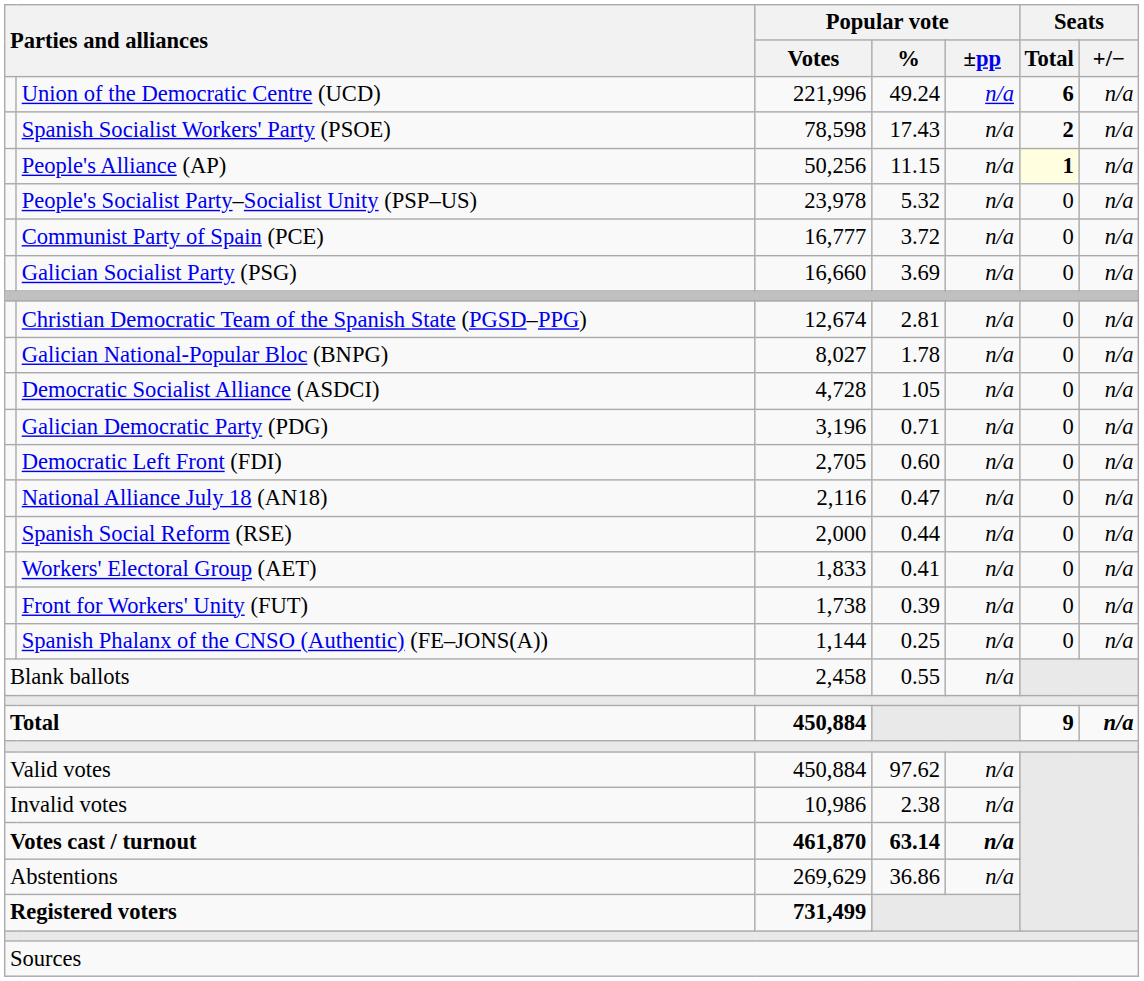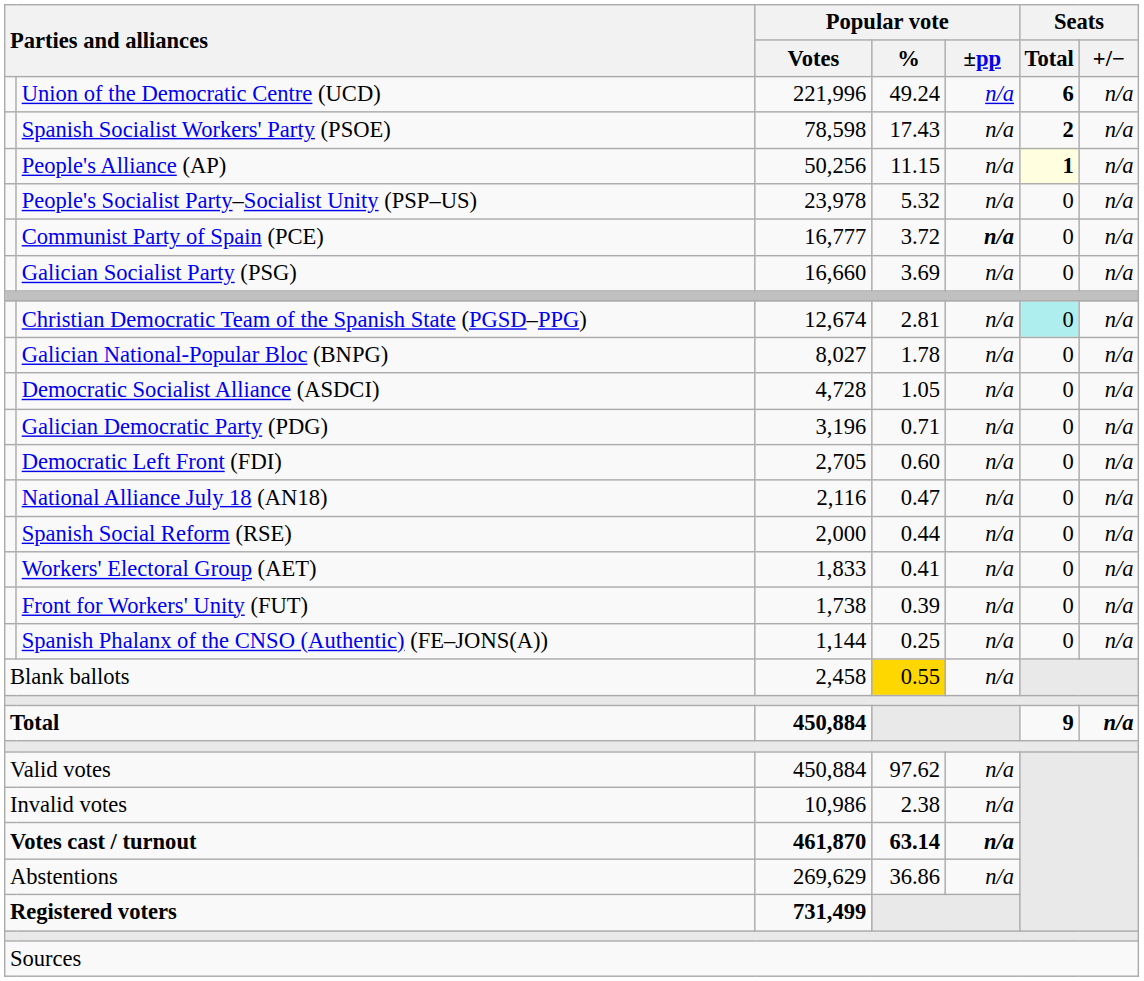 <table class="wikitable" style="text-align:right;">
 <tr>
 <th style="text-align:left;" rowspan="2" colspan="2" width="525">Parties and alliances</th>
 <th colspan="3">Popular vote</th>
 <th colspan="2">Seats</th>
 </tr>
 <tr>
 <th width="75">Votes</th>
 <th width="45">%</th>
 <th width="45">±<a href='#'>pp</a></th>
 <th width="35">Total</th>
 <th width="35">+/−</th>
 </tr>
 <tr>
 <td width="1" style="color:inherit;background:"></td>
 <td align="left"><a href='#'>Union of the Democratic Centre</a> (UCD)</td>
 <td>221,996</td>
 <td>49.24</td>
 <td><em><a href='#'>n/a</a></em></td>
 <td><strong>6</strong></td>
 <td><em>n/a</em></td>
 </tr>
 <tr>
 <td style="color:inherit;background:"></td>
 <td align="left"><a href='#'>Spanish Socialist Workers' Party</a> (PSOE)</td>
 <td>78,598</td>
 <td>17.43</td>
 <td><em>n/a</em></td>
 <td><strong>2</strong></td>
 <td><em>n/a</em></td>
 </tr>
 <tr>
 <td style="color:inherit;background:"></td>
 <td align="left"><a href='#'>People's Alliance</a> (AP)</td>
 <td>50,256</td>
 <td>11.15</td>
 <td><em>n/a</em></td>
 <td style="background: lightyellow;"><strong>1</strong></td>
 <td><em>n/a</em></td>
 </tr>
 <tr>
 <td style="color:inherit;background:"></td>
 <td align="left"><a href='#'>People's Socialist Party</a>–<a href='#'>Socialist Unity</a> (PSP–US)</td>
 <td>23,978</td>
 <td>5.32</td>
 <td><em>n/a</em></td>
 <td>0</td>
 <td><em>n/a</em></td>
 </tr>
 <tr>
 <td style="color:inherit;background:"></td>
 <td align="left"><a href='#'>Communist Party of Spain</a> (PCE)</td>
 <td>16,777</td>
 <td>3.72</td>
-<td><em>n/a</em></td>
+<td><strong><em>n/a</em></strong></td>
 <td>0</td>
 <td><em>n/a</em></td>
 </tr>
 <tr>
 <td style="color:inherit;background:"></td>
 <td align="left"><a href='#'>Galician Socialist Party</a> (PSG)</td>
 <td>16,660</td>
 <td>3.69</td>
 <td><em>n/a</em></td>
 <td>0</td>
 <td><em>n/a</em></td>
 </tr>
 <tr>
 <td colspan="7" bgcolor="#C0C0C0"></td>
 </tr>
 <tr>
 <td style="color:inherit;background:"></td>
 <td align="left"><a href='#'>Christian Democratic Team of the Spanish State</a> (<a href='#'>PGSD</a>–<a href='#'>PPG</a>)</td>
 <td>12,674</td>
 <td>2.81</td>
 <td><em>n/a</em></td>
-<td>0</td>
+<td style="background: paleturquoise;">0</td>
 <td><em>n/a</em></td>
 </tr>
 <tr>
 <td style="color:inherit;background:"></td>
 <td align="left"><a href='#'>Galician National-Popular Bloc</a> (BNPG)</td>
 <td>8,027</td>
 <td>1.78</td>
 <td><em>n/a</em></td>
 <td>0</td>
 <td><em>n/a</em></td>
 </tr>
 <tr>
 <td style="color:inherit;background:"></td>
 <td align="left"><a href='#'>Democratic Socialist Alliance</a> (ASDCI)</td>
 <td>4,728</td>
 <td>1.05</td>
 <td><em>n/a</em></td>
 <td>0</td>
 <td><em>n/a</em></td>
 </tr>
 <tr>
 <td style="color:inherit;background:"></td>
 <td align="left"><a href='#'>Galician Democratic Party</a> (PDG)</td>
 <td>3,196</td>
 <td>0.71</td>
 <td><em>n/a</em></td>
 <td>0</td>
 <td><em>n/a</em></td>
 </tr>
 <tr>
 <td style="color:inherit;background:"></td>
 <td align="left"><a href='#'>Democratic Left Front</a> (FDI)</td>
 <td>2,705</td>
 <td>0.60</td>
 <td><em>n/a</em></td>
 <td>0</td>
 <td><em>n/a</em></td>
 </tr>
 <tr>
 <td style="color:inherit;background:"></td>
 <td align="left"><a href='#'>National Alliance July 18</a> (AN18)</td>
 <td>2,116</td>
 <td>0.47</td>
 <td><em>n/a</em></td>
 <td>0</td>
 <td><em>n/a</em></td>
 </tr>
 <tr>
 <td style="color:inherit;background:"></td>
 <td align="left"><a href='#'>Spanish Social Reform</a> (RSE)</td>
 <td>2,000</td>
 <td>0.44</td>
 <td><em>n/a</em></td>
 <td>0</td>
 <td><em>n/a</em></td>
 </tr>
 <tr>
 <td style="color:inherit;background:"></td>
 <td align="left"><a href='#'>Workers' Electoral Group</a> (AET)</td>
 <td>1,833</td>
 <td>0.41</td>
 <td><em>n/a</em></td>
 <td>0</td>
 <td><em>n/a</em></td>
 </tr>
 <tr>
 <td style="color:inherit;background:"></td>
 <td align="left"><a href='#'>Front for Workers' Unity</a> (FUT)</td>
 <td>1,738</td>
 <td>0.39</td>
 <td><em>n/a</em></td>
 <td>0</td>
 <td><em>n/a</em></td>
 </tr>
 <tr>
 <td style="color:inherit;background:"></td>
 <td align="left"><a href='#'>Spanish Phalanx of the CNSO (Authentic)</a> (FE–JONS(A))</td>
 <td>1,144</td>
 <td>0.25</td>
 <td><em>n/a</em></td>
 <td>0</td>
 <td><em>n/a</em></td>
 </tr>
 <tr>
 <td align="left" colspan="2">Blank ballots</td>
 <td>2,458</td>
-<td>0.55</td>
+<td style="background: gold;">0.55</td>
 <td><em>n/a</em></td>
 <td bgcolor="#E9E9E9" colspan="2"></td>
 </tr>
 <tr>
 <td colspan="7" bgcolor="#E9E9E9"></td>
 </tr>
 <tr style="font-weight:bold;">
 <td align="left" colspan="2">Total</td>
 <td>450,884</td>
 <td bgcolor="#E9E9E9" colspan="2"></td>
 <td>9</td>
 <td><em>n/a</em></td>
 </tr>
 <tr>
 <td colspan="7" bgcolor="#E9E9E9"></td>
 </tr>
 <tr>
 <td align="left" colspan="2">Valid votes</td>
 <td>450,884</td>
 <td>97.62</td>
 <td><em>n/a</em></td>
 <td bgcolor="#E9E9E9" colspan="2" rowspan="5"></td>
 </tr>
 <tr>
 <td align="left" colspan="2">Invalid votes</td>
 <td>10,986</td>
 <td>2.38</td>
 <td><em>n/a</em></td>
 </tr>
 <tr style="font-weight:bold;">
 <td align="left" colspan="2">Votes cast / turnout</td>
 <td>461,870</td>
 <td>63.14</td>
 <td><em>n/a</em></td>
 </tr>
 <tr>
 <td align="left" colspan="2">Abstentions</td>
 <td>269,629</td>
 <td>36.86</td>
 <td><em>n/a</em></td>
 </tr>
 <tr style="font-weight:bold;">
 <td align="left" colspan="2">Registered voters</td>
 <td>731,499</td>
 <td bgcolor="#E9E9E9" colspan="2"></td>
 </tr>
 <tr>
 <td colspan="7" bgcolor="#E9E9E9"></td>
 </tr>
 <tr>
 <td align="left" colspan="7">Sources</td>
 </tr>
 </table>
